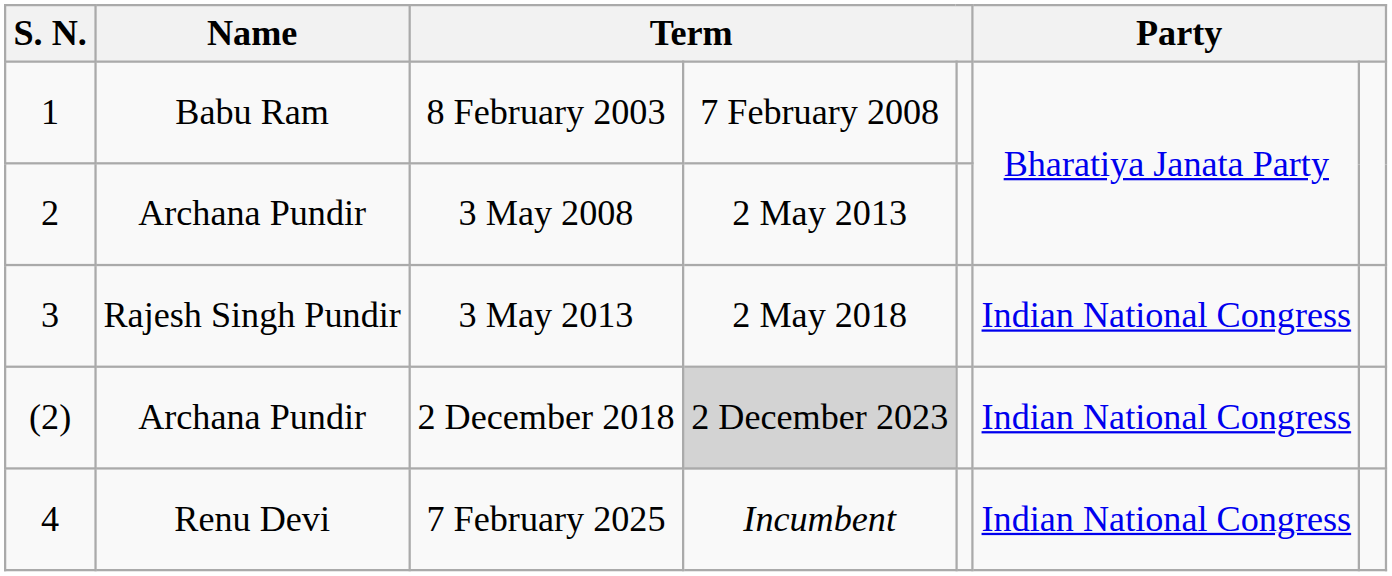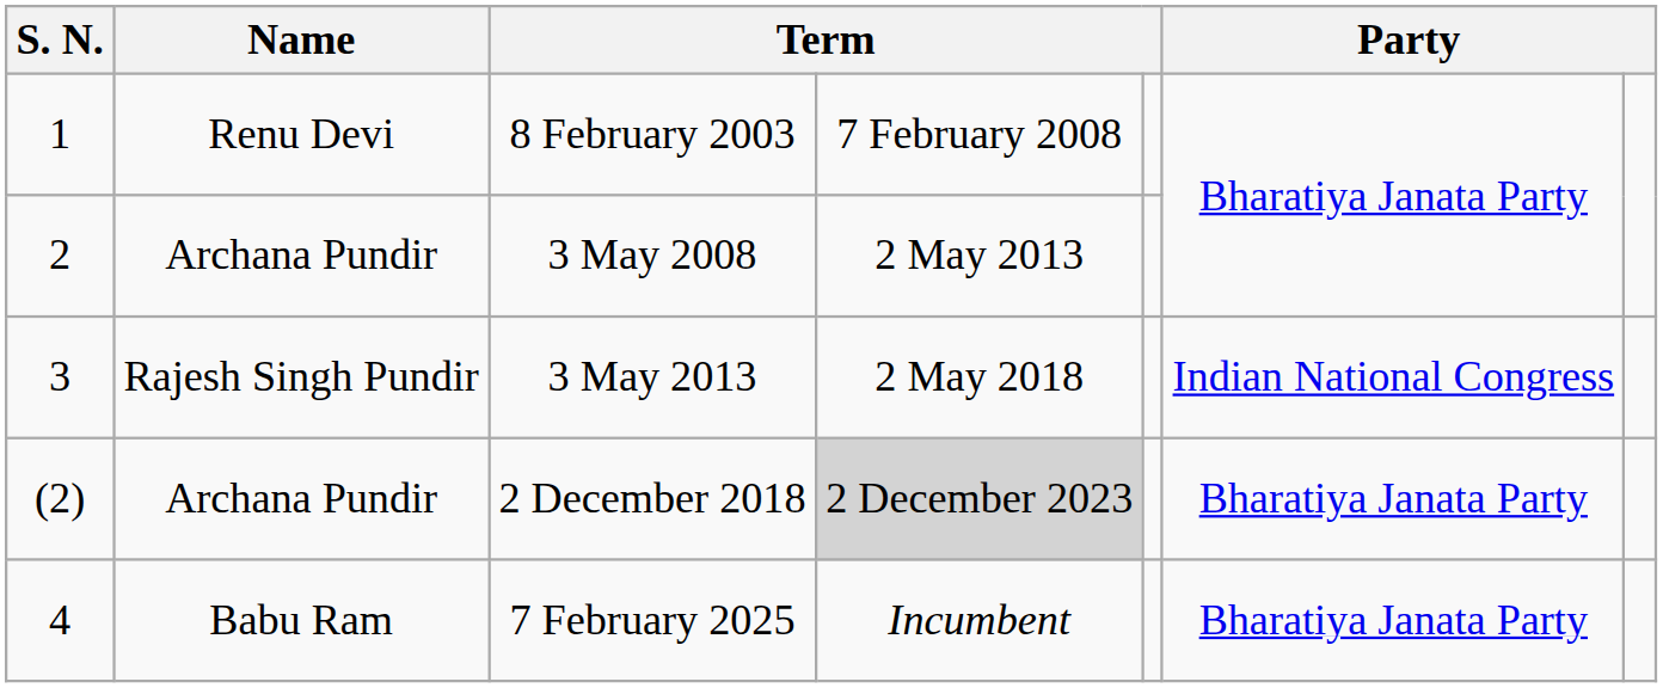 <table class="wikitable sortable">
 <tr>
 <th scope="col">S. N.</th>
 <th>Name</th>
 <th colspan=3>Term</th>
 <th colspan=2>Party</th>
 </tr>
 <tr style="text-align:center; height:45px;">
 <td>1</td>
-<td>Babu Ram</td>
+<td>Renu Devi</td>
 <td>8 February 2003</td>
 <td>7 February 2008</td>
 <td></td>
 <td rowspan="2"><a href='#'>Bharatiya Janata Party</a></td>
 <td rowspan="2" width="4px" style="background-color: "></td>
 </tr>
 <tr style="text-align:center; height:45px;">
 <td>2</td>
 <td>Archana Pundir</td>
 <td>3 May 2008</td>
 <td>2 May 2013</td>
 <td></td>
 </tr>
 <tr style="text-align:center; height:45px;">
 <td>3</td>
 <td>Rajesh Singh Pundir</td>
 <td>3 May 2013</td>
 <td>2 May 2018</td>
 <td></td>
 <td><a href='#'>Indian National Congress</a></td>
 <td width="4px" style="background-color: "></td>
 </tr>
 <tr style="text-align:center; height:45px;">
 <td>(2)</td>
 <td>Archana Pundir</td>
 <td>2 December 2018</td>
 <td style="background: lightgrey;">2 December 2023</td>
 <td></td>
-<td><a href='#'>Indian National Congress</a></td>
+<td><a href='#'>Bharatiya Janata Party</a></td>
 <td width="4px" style="background-color: "></td>
 </tr>
 <tr style="text-align:center; height:45px;">
 <td>4</td>
-<td>Renu Devi</td>
+<td>Babu Ram</td>
 <td>7 February 2025</td>
 <td><em>Incumbent</em></td>
 <td></td>
-<td><a href='#'>Indian National Congress</a></td>
+<td><a href='#'>Bharatiya Janata Party</a></td>
 <td width="4px" style="background-color: "></td>
 </tr>
 </table>
